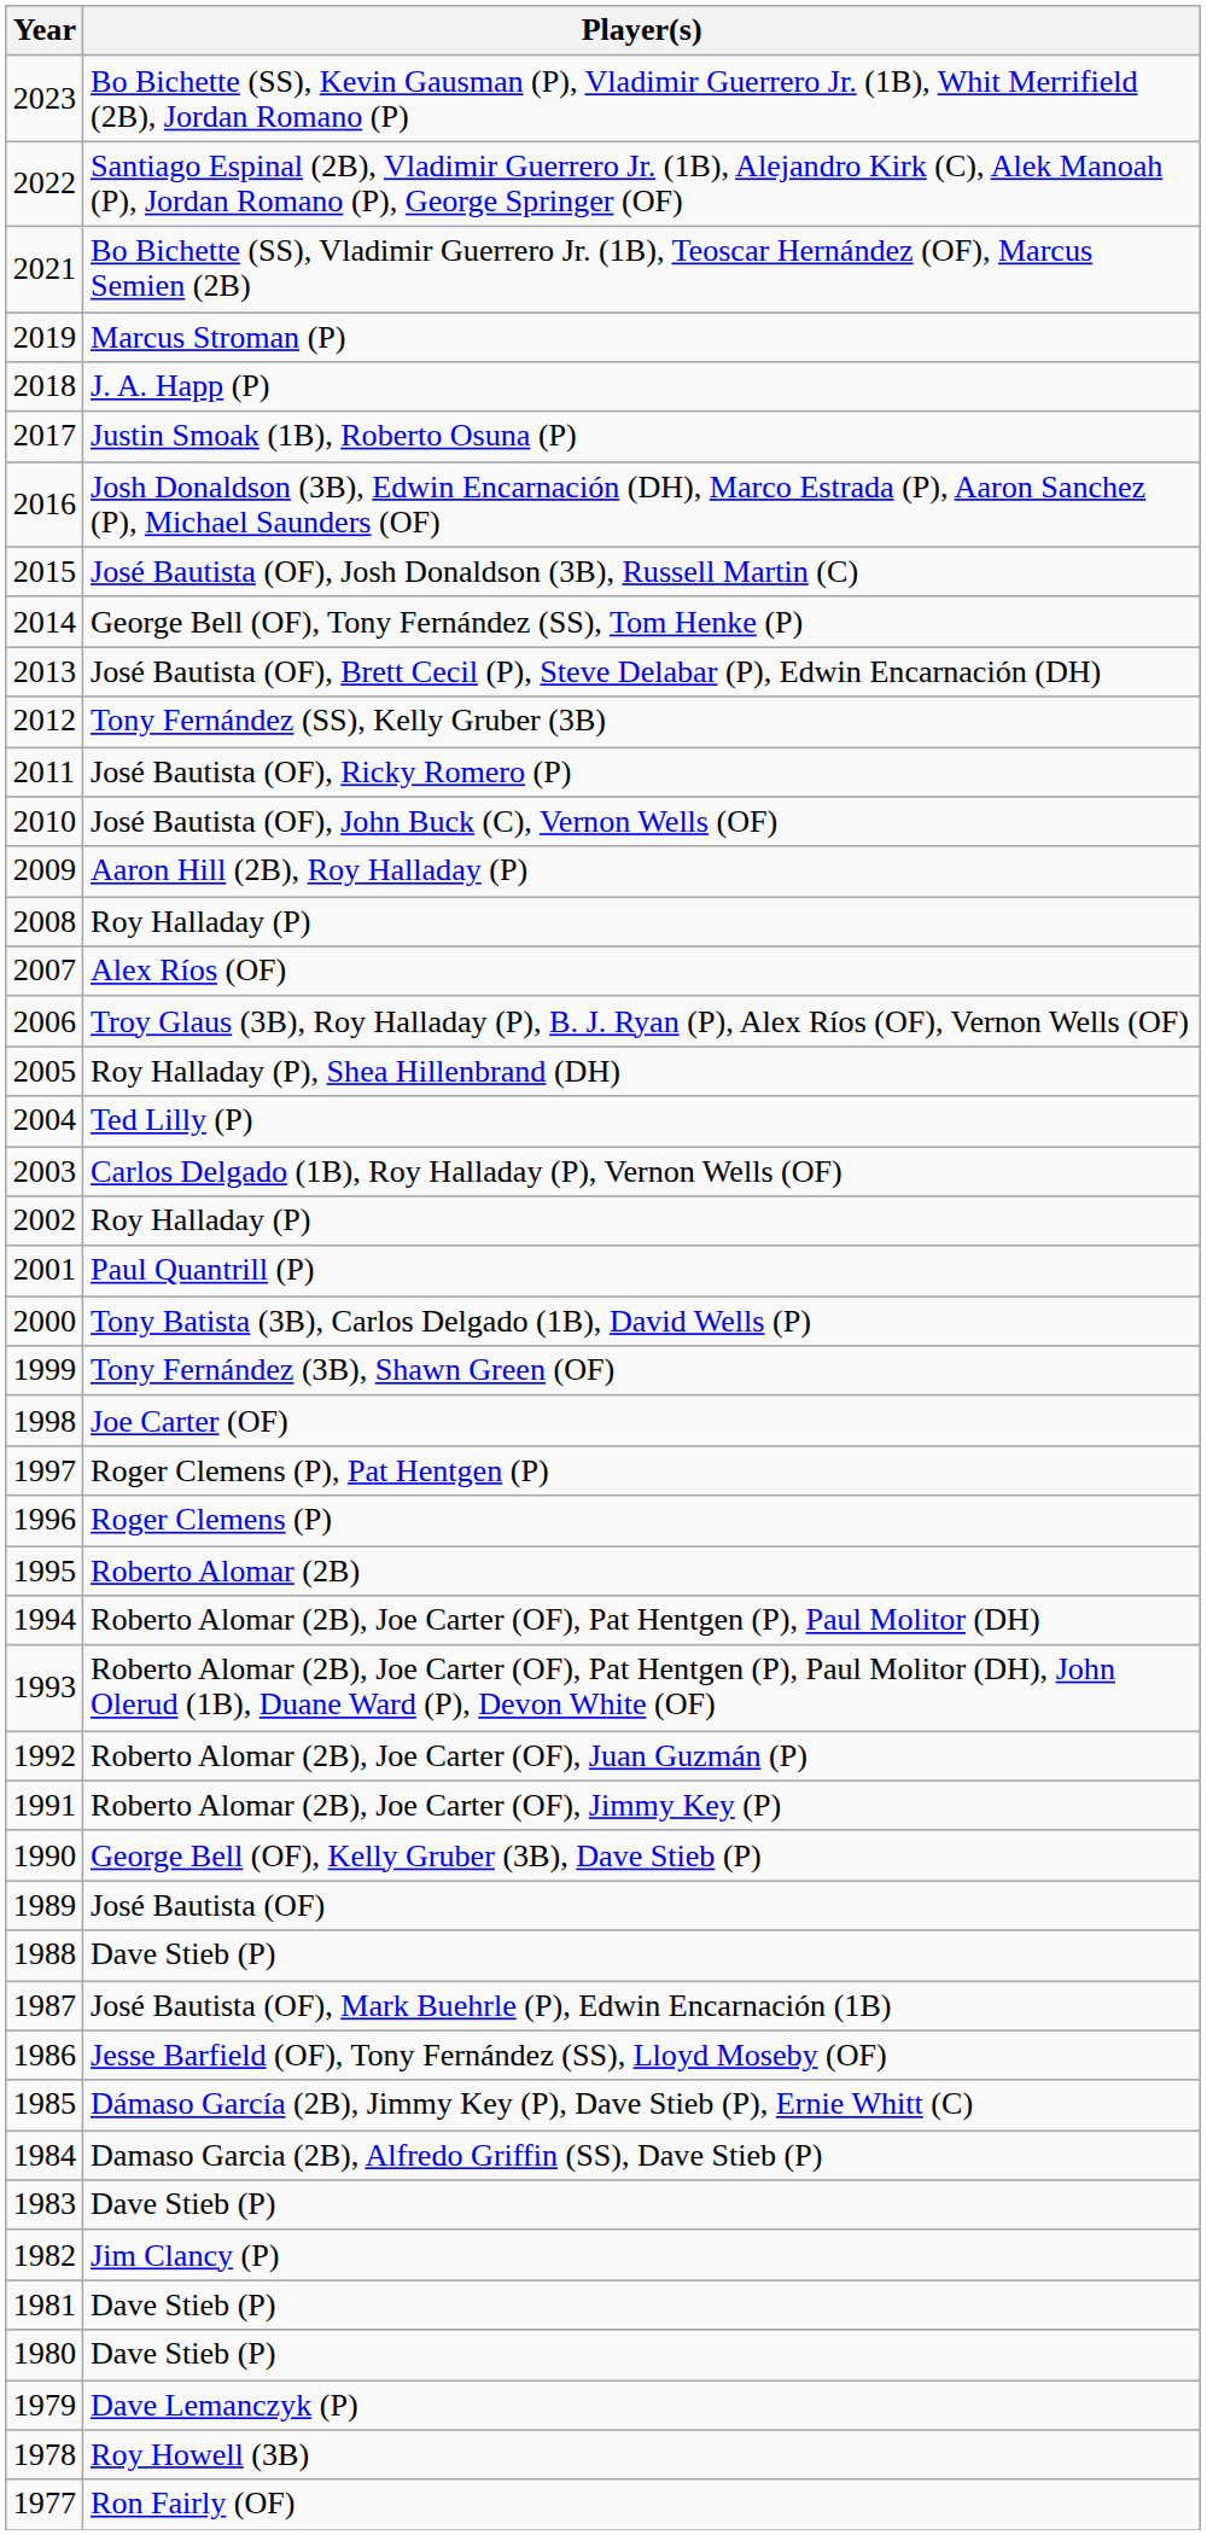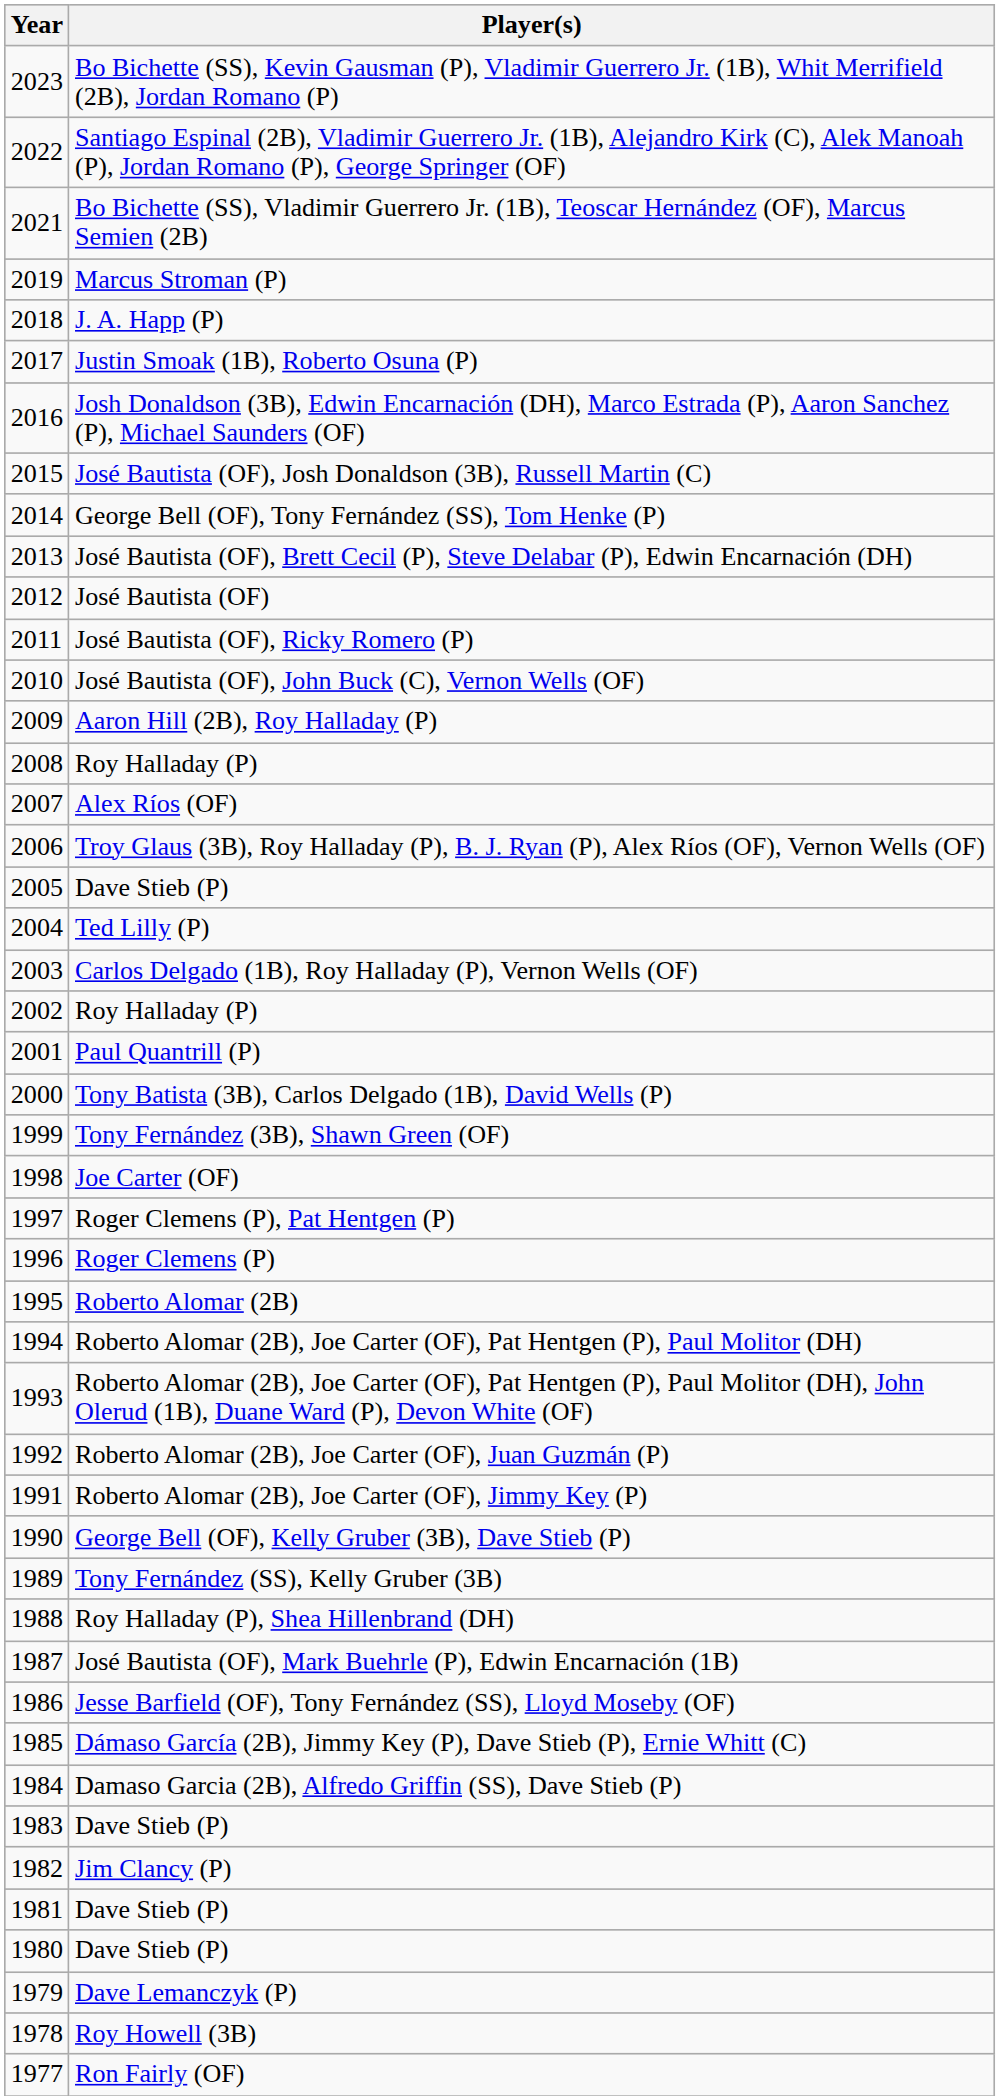 <table class="wikitable">
 <tr>
 <th>Year</th>
 <th>Player(s)</th>
 </tr>
 <tr>
 <td>2023</td>
 <td><a href='#'>Bo Bichette</a> (SS), <a href='#'>Kevin Gausman</a> (P), <a href='#'>Vladimir Guerrero Jr.</a> (1B), <a href='#'>Whit Merrifield</a> (2B), <a href='#'>Jordan Romano</a> (P)</td>
 </tr>
 <tr>
 <td>2022</td>
 <td><a href='#'>Santiago Espinal</a> (2B), <a href='#'>Vladimir Guerrero Jr.</a> (1B), <a href='#'>Alejandro Kirk</a> (C), <a href='#'>Alek Manoah</a> (P), <a href='#'>Jordan Romano</a> (P), <a href='#'>George Springer</a> (OF)</td>
 </tr>
 <tr>
 <td>2021</td>
 <td><a href='#'>Bo Bichette</a> (SS), Vladimir Guerrero Jr. (1B), <a href='#'>Teoscar Hernández</a> (OF), <a href='#'>Marcus Semien</a> (2B)</td>
 </tr>
 <tr>
 <td>2019</td>
 <td><a href='#'>Marcus Stroman</a> (P)</td>
 </tr>
 <tr>
 <td>2018</td>
 <td><a href='#'>J. A. Happ</a> (P)</td>
 </tr>
 <tr>
 <td>2017</td>
 <td><a href='#'>Justin Smoak</a> (1B), <a href='#'>Roberto Osuna</a> (P)</td>
 </tr>
 <tr>
 <td>2016</td>
 <td><a href='#'>Josh Donaldson</a> (3B), <a href='#'>Edwin Encarnación</a> (DH), <a href='#'>Marco Estrada</a> (P), <a href='#'>Aaron Sanchez</a> (P), <a href='#'>Michael Saunders</a> (OF)</td>
 </tr>
 <tr>
 <td>2015</td>
 <td><a href='#'>José Bautista</a> (OF), Josh Donaldson (3B), <a href='#'>Russell Martin</a> (C)</td>
 </tr>
 <tr>
 <td>2014</td>
 <td>George Bell (OF), Tony Fernández (SS), <a href='#'>Tom Henke</a> (P)</td>
 </tr>
 <tr>
 <td>2013</td>
 <td>José Bautista (OF), <a href='#'>Brett Cecil</a> (P), <a href='#'>Steve Delabar</a> (P), Edwin Encarnación (DH)</td>
 </tr>
 <tr>
 <td>2012</td>
-<td><a href='#'>Tony Fernández</a> (SS), Kelly Gruber (3B)</td>
+<td>José Bautista (OF)</td>
 </tr>
 <tr>
 <td>2011</td>
 <td>José Bautista (OF), <a href='#'>Ricky Romero</a> (P)</td>
 </tr>
 <tr>
 <td>2010</td>
 <td>José Bautista (OF), <a href='#'>John Buck</a> (C), <a href='#'>Vernon Wells</a> (OF)</td>
 </tr>
 <tr>
 <td>2009</td>
 <td><a href='#'>Aaron Hill</a> (2B), <a href='#'>Roy Halladay</a> (P)</td>
 </tr>
 <tr>
 <td>2008</td>
 <td>Roy Halladay (P)</td>
 </tr>
 <tr>
 <td>2007</td>
 <td><a href='#'>Alex Ríos</a> (OF)</td>
 </tr>
 <tr>
 <td>2006</td>
 <td><a href='#'>Troy Glaus</a> (3B), Roy Halladay (P), <a href='#'>B. J. Ryan</a> (P), Alex Ríos (OF), Vernon Wells (OF)</td>
 </tr>
 <tr>
 <td>2005</td>
-<td>Roy Halladay (P), <a href='#'>Shea Hillenbrand</a> (DH)</td>
+<td>Dave Stieb (P)</td>
 </tr>
 <tr>
 <td>2004</td>
 <td><a href='#'>Ted Lilly</a> (P)</td>
 </tr>
 <tr>
 <td>2003</td>
 <td><a href='#'>Carlos Delgado</a> (1B), Roy Halladay (P), Vernon Wells (OF)</td>
 </tr>
 <tr>
 <td>2002</td>
 <td>Roy Halladay (P)</td>
 </tr>
 <tr>
 <td>2001</td>
 <td><a href='#'>Paul Quantrill</a> (P)</td>
 </tr>
 <tr>
 <td>2000</td>
 <td><a href='#'>Tony Batista</a> (3B), Carlos Delgado (1B), <a href='#'>David Wells</a> (P)</td>
 </tr>
 <tr>
 <td>1999</td>
 <td><a href='#'>Tony Fernández</a> (3B), <a href='#'>Shawn Green</a> (OF)</td>
 </tr>
 <tr>
 <td>1998</td>
 <td><a href='#'>Joe Carter</a> (OF)</td>
 </tr>
 <tr>
 <td>1997</td>
 <td>Roger Clemens (P), <a href='#'>Pat Hentgen</a> (P)</td>
 </tr>
 <tr>
 <td>1996</td>
 <td><a href='#'>Roger Clemens</a> (P)</td>
 </tr>
 <tr>
 <td>1995</td>
 <td><a href='#'>Roberto Alomar</a> (2B)</td>
 </tr>
 <tr>
 <td>1994</td>
 <td>Roberto Alomar (2B), Joe Carter (OF), Pat Hentgen (P), <a href='#'>Paul Molitor</a> (DH)</td>
 </tr>
 <tr>
 <td>1993</td>
 <td>Roberto Alomar (2B), Joe Carter (OF), Pat Hentgen (P), Paul Molitor (DH), <a href='#'>John Olerud</a> (1B), <a href='#'>Duane Ward</a> (P), <a href='#'>Devon White</a> (OF)</td>
 </tr>
 <tr>
 <td>1992</td>
 <td>Roberto Alomar (2B), Joe Carter (OF), <a href='#'>Juan Guzmán</a> (P)</td>
 </tr>
 <tr>
 <td>1991</td>
 <td>Roberto Alomar (2B), Joe Carter (OF), <a href='#'>Jimmy Key</a> (P)</td>
 </tr>
 <tr>
 <td>1990</td>
 <td><a href='#'>George Bell</a> (OF), <a href='#'>Kelly Gruber</a> (3B), <a href='#'>Dave Stieb</a> (P)</td>
 </tr>
 <tr>
 <td>1989</td>
-<td>José Bautista (OF)</td>
+<td><a href='#'>Tony Fernández</a> (SS), Kelly Gruber (3B)</td>
 </tr>
 <tr>
 <td>1988</td>
-<td>Dave Stieb (P)</td>
+<td>Roy Halladay (P), <a href='#'>Shea Hillenbrand</a> (DH)</td>
 </tr>
 <tr>
 <td>1987</td>
 <td>José Bautista (OF), <a href='#'>Mark Buehrle</a> (P), Edwin Encarnación (1B)</td>
 </tr>
 <tr>
 <td>1986</td>
 <td><a href='#'>Jesse Barfield</a> (OF), Tony Fernández (SS), <a href='#'>Lloyd Moseby</a> (OF)</td>
 </tr>
 <tr>
 <td>1985</td>
 <td><a href='#'>Dámaso García</a> (2B), Jimmy Key (P), Dave Stieb (P), <a href='#'>Ernie Whitt</a> (C)</td>
 </tr>
 <tr>
 <td>1984</td>
 <td>Damaso Garcia (2B), <a href='#'>Alfredo Griffin</a> (SS), Dave Stieb (P)</td>
 </tr>
 <tr>
 <td>1983</td>
 <td>Dave Stieb (P)</td>
 </tr>
 <tr>
 <td>1982</td>
 <td><a href='#'>Jim Clancy</a> (P)</td>
 </tr>
 <tr>
 <td>1981</td>
 <td>Dave Stieb (P)</td>
 </tr>
 <tr>
 <td>1980</td>
 <td>Dave Stieb (P)</td>
 </tr>
 <tr>
 <td>1979</td>
 <td><a href='#'>Dave Lemanczyk</a> (P)</td>
 </tr>
 <tr>
 <td>1978</td>
 <td><a href='#'>Roy Howell</a> (3B)</td>
 </tr>
 <tr>
 <td>1977</td>
 <td><a href='#'>Ron Fairly</a> (OF)</td>
 </tr>
 </table>
